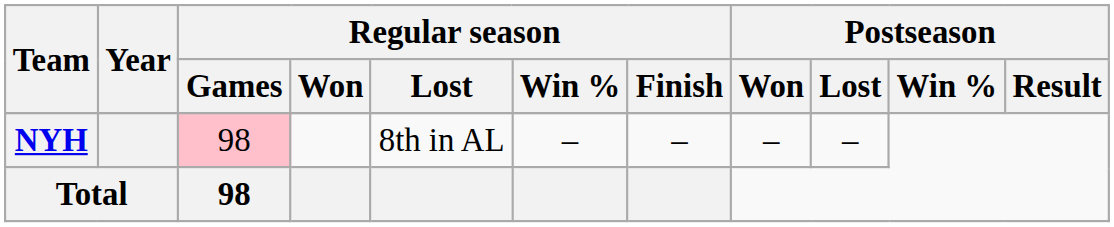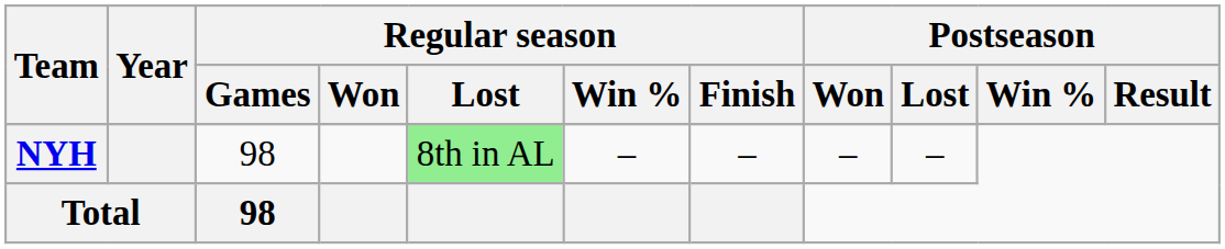 <table class="wikitable" style="font-size: 95%; text-align:center;">
 <tr>
 <th rowspan="2">Team</th>
 <th rowspan="2">Year</th>
 <th colspan="5">Regular season</th>
 <th colspan="4">Postseason</th>
 </tr>
 <tr>
 <th>Games</th>
 <th>Won</th>
 <th>Lost</th>
 <th>Win %</th>
 <th>Finish</th>
 <th>Won</th>
 <th>Lost</th>
 <th>Win %</th>
 <th>Result</th>
 </tr>
 <tr>
 </tr>
 <tr>
 <th><a href='#'>NYH</a></th>
 <th></th>
-<td style="background: pink;">98</td>
+<td>98</td>
 <td></td>
-<td>8th in AL</td>
+<td style="background: lightgreen;">8th in AL</td>
 <td>–</td>
 <td>–</td>
 <td>–</td>
 <td>–</td>
 </tr>
 <tr>
 <th colspan="2">Total</th>
 <th>98</th>
 <th></th>
 <th></th>
 <th></th>
 <th></th>
 </tr>
 </table>
